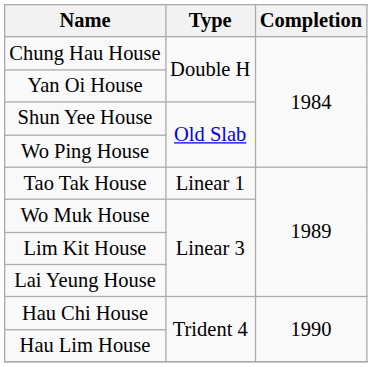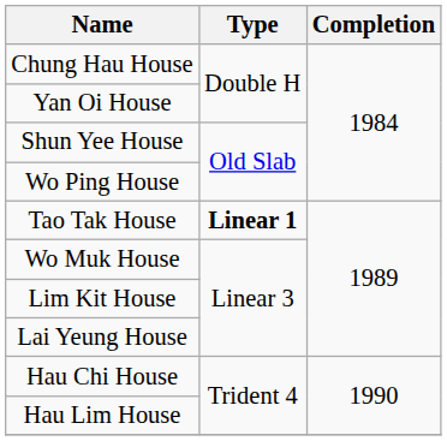 <table class="wikitable" style="text-align: center">
 <tr>
 <th>Name</th>
 <th>Type</th>
 <th>Completion</th>
 </tr>
 <tr>
 <td>Chung Hau House</td>
 <td rowspan="2">Double H</td>
 <td rowspan="4">1984</td>
 </tr>
 <tr>
 <td>Yan Oi House</td>
 </tr>
 <tr>
 <td>Shun Yee House</td>
 <td rowspan="2"><a href='#'>Old Slab</a></td>
 </tr>
 <tr>
 <td>Wo Ping House</td>
 </tr>
 <tr>
 <td>Tao Tak House</td>
-<td rowspan="1">Linear 1</td>
+<td rowspan="1"><strong>Linear 1</strong></td>
 <td rowspan="4">1989</td>
 </tr>
 <tr>
 <td>Wo Muk House</td>
 <td rowspan="3">Linear 3</td>
 </tr>
 <tr>
 <td>Lim Kit House</td>
 </tr>
 <tr>
 <td>Lai Yeung House</td>
 </tr>
 <tr>
 <td>Hau Chi House</td>
 <td rowspan="2">Trident 4</td>
 <td rowspan="2">1990</td>
 </tr>
 <tr>
 <td>Hau Lim House</td>
 </tr>
 <tr>
 </tr>
 </table>
